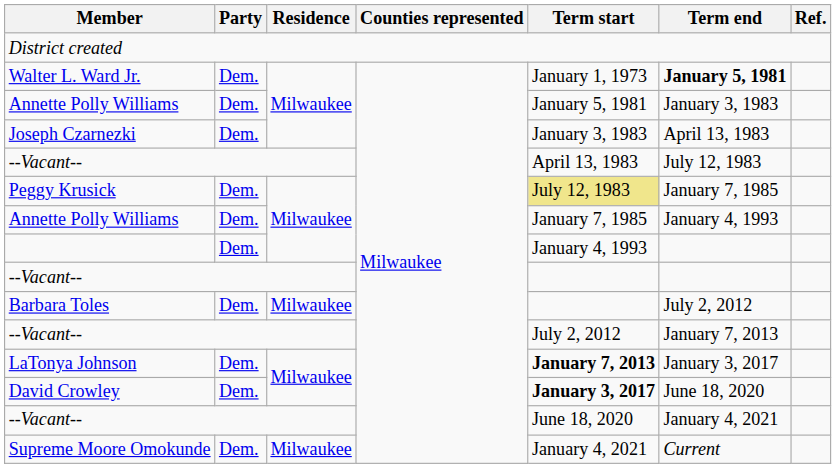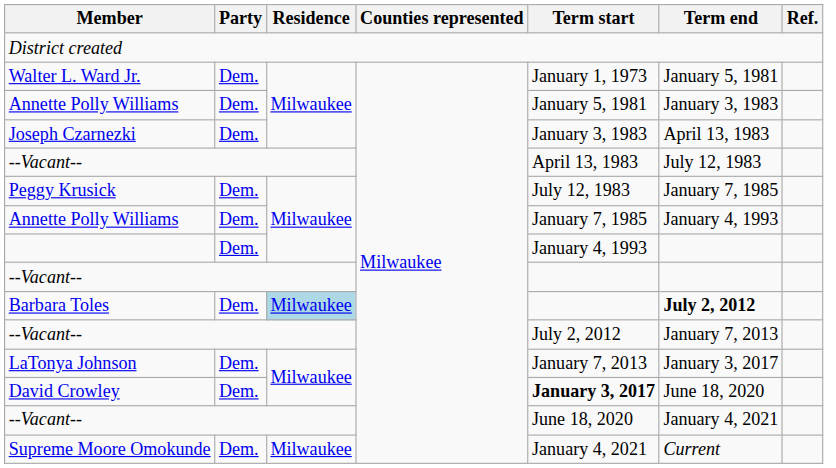 <table class="wikitable">
 <tr>
 <th>Member</th>
 <th>Party</th>
 <th>Residence</th>
 <th>Counties represented</th>
 <th>Term start</th>
 <th>Term end</th>
 <th>Ref.</th>
 </tr>
 <tr>
 <td colspan="7"><em>District created</em></td>
 </tr>
 <tr>
 <td><a href='#'>Walter L. Ward Jr.</a></td>
 <td><a href='#'>Dem.</a></td>
 <td rowspan="3"><a href='#'>Milwaukee</a></td>
 <td rowspan="14"><a href='#'>Milwaukee</a></td>
 <td>January 1, 1973</td>
-<td><strong>January 5, 1981</strong></td>
+<td>January 5, 1981</td>
 <td></td>
 </tr>
 <tr>
 <td><a href='#'>Annette Polly Williams</a></td>
 <td><a href='#'>Dem.</a></td>
 <td>January 5, 1981</td>
 <td>January 3, 1983</td>
 <td></td>
 </tr>
 <tr>
 <td><a href='#'>Joseph Czarnezki</a></td>
 <td><a href='#'>Dem.</a></td>
 <td>January 3, 1983</td>
 <td>April 13, 1983</td>
 <td></td>
 </tr>
 <tr>
 <td colspan="3"><em>--Vacant--</em></td>
 <td>April 13, 1983</td>
 <td>July 12, 1983</td>
 <td></td>
 </tr>
 <tr>
 <td><a href='#'>Peggy Krusick</a></td>
 <td><a href='#'>Dem.</a></td>
 <td rowspan="3"><a href='#'>Milwaukee</a></td>
-<td style="background: khaki;">July 12, 1983</td>
+<td>July 12, 1983</td>
 <td>January 7, 1985</td>
 <td></td>
 </tr>
 <tr>
 <td><a href='#'>Annette Polly Williams</a></td>
 <td><a href='#'>Dem.</a></td>
 <td>January 7, 1985</td>
 <td>January 4, 1993</td>
 <td></td>
 </tr>
 <tr>
 <td></td>
 <td><a href='#'>Dem.</a></td>
 <td>January 4, 1993</td>
 <td></td>
 <td></td>
 </tr>
 <tr>
 <td colspan="3"><em>--Vacant--</em></td>
 <td></td>
 <td></td>
 <td></td>
 </tr>
 <tr>
 <td><a href='#'>Barbara Toles</a></td>
 <td><a href='#'>Dem.</a></td>
-<td><a href='#'>Milwaukee</a></td>
+<td style="background: lightblue;"><a href='#'>Milwaukee</a></td>
 <td></td>
-<td>July 2, 2012</td>
+<td><strong>July 2, 2012</strong></td>
 <td></td>
 </tr>
 <tr>
 <td colspan="3"><em>--Vacant--</em></td>
 <td>July 2, 2012</td>
 <td>January 7, 2013</td>
 <td></td>
 </tr>
 <tr>
 <td><a href='#'>LaTonya Johnson</a></td>
 <td><a href='#'>Dem.</a></td>
 <td rowspan="2"><a href='#'>Milwaukee</a></td>
-<td><strong>January 7, 2013</strong></td>
+<td>January 7, 2013</td>
 <td>January 3, 2017</td>
 <td></td>
 </tr>
 <tr>
 <td><a href='#'>David Crowley</a></td>
 <td><a href='#'>Dem.</a></td>
 <td><strong>January 3, 2017</strong></td>
 <td>June 18, 2020</td>
 <td></td>
 </tr>
 <tr>
 <td colspan="3"><em>--Vacant--</em></td>
 <td>June 18, 2020</td>
 <td>January 4, 2021</td>
 <td></td>
 </tr>
 <tr>
 <td><a href='#'>Supreme Moore Omokunde</a></td>
 <td><a href='#'>Dem.</a></td>
 <td><a href='#'>Milwaukee</a></td>
 <td>January 4, 2021</td>
 <td><em>Current</em></td>
 <td></td>
 </tr>
 </table>
